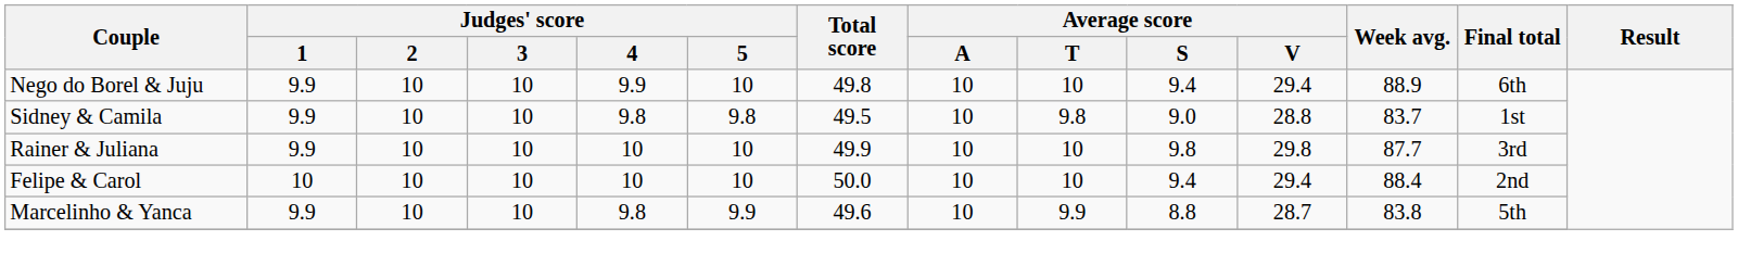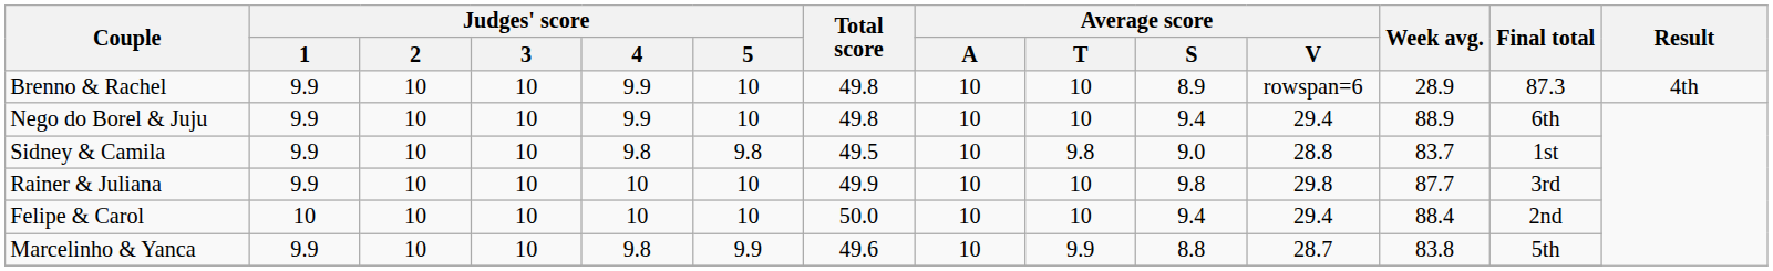 <table class="wikitable" style="font-size:100%; line-height:16px; text-align:center" width="100%">
 <tr>
 <th rowspan=2 style="width:11.0%;">Couple</th>
 <th colspan=5 style="width:25.0%;">Judges' score</th>
 <th rowspan=2 style="width:05.0%;">Total score</th>
 <th colspan=4 style="width:20.0%;">Average score</th>
 <th rowspan=2 style="width:05.0%;">Week avg.</th>
 <th rowspan=2 style="width:05.0%;">Final total</th>
 <th rowspan=2 style="width:07.5%;">Result</th>
 </tr>
 <tr>
 <th style="width:05.0%;">1</th>
 <th style="width:05.0%;">2</th>
 <th style="width:05.0%;">3</th>
 <th style="width:05.0%;">4</th>
 <th style="width:05.0%;">5</th>
 <th style="width:05.0%;">A</th>
 <th style="width:05.0%;">T</th>
 <th style="width:05.0%;">S</th>
 <th style="width:05.0%;">V</th>
+</tr>
+<tr>
+<td align="left">Brenno & Rachel</td>
+<td>9.9</td>
+<td>10</td>
+<td>10</td>
+<td>9.9</td>
+<td>10</td>
+<td>49.8</td>
+<td>10</td>
+<td>10</td>
+<td>8.9</td>
+<td>rowspan=6 </td>
+<td>28.9</td>
+<td>87.3</td>
+<td>4th</td>
 </tr>
 <tr>
 <td align="left">Nego do Borel & Juju</td>
 <td>9.9</td>
 <td>10</td>
 <td>10</td>
 <td>9.9</td>
 <td>10</td>
 <td>49.8</td>
 <td>10</td>
 <td>10</td>
 <td>9.4</td>
 <td>29.4</td>
 <td>88.9</td>
 <td>6th</td>
 </tr>
 <tr>
 <td align="left">Sidney & Camila</td>
 <td>9.9</td>
 <td>10</td>
 <td>10</td>
 <td>9.8</td>
 <td>9.8</td>
 <td>49.5</td>
 <td>10</td>
 <td>9.8</td>
 <td>9.0</td>
 <td>28.8</td>
 <td>83.7</td>
 <td>1st</td>
 </tr>
 <tr>
 <td align="left">Rainer & Juliana</td>
 <td>9.9</td>
 <td>10</td>
 <td>10</td>
 <td>10</td>
 <td>10</td>
 <td>49.9</td>
 <td>10</td>
 <td>10</td>
 <td>9.8</td>
 <td>29.8</td>
 <td>87.7</td>
 <td>3rd</td>
 </tr>
 <tr>
 <td align="left">Felipe & Carol</td>
 <td>10</td>
 <td>10</td>
 <td>10</td>
 <td>10</td>
 <td>10</td>
 <td>50.0</td>
 <td>10</td>
 <td>10</td>
 <td>9.4</td>
 <td>29.4</td>
 <td>88.4</td>
 <td>2nd</td>
 </tr>
 <tr>
 <td align="left">Marcelinho & Yanca</td>
 <td>9.9</td>
 <td>10</td>
 <td>10</td>
 <td>9.8</td>
 <td>9.9</td>
 <td>49.6</td>
 <td>10</td>
 <td>9.9</td>
 <td>8.8</td>
 <td>28.7</td>
 <td>83.8</td>
 <td>5th</td>
 </tr>
 <tr>
 </tr>
 </table>
